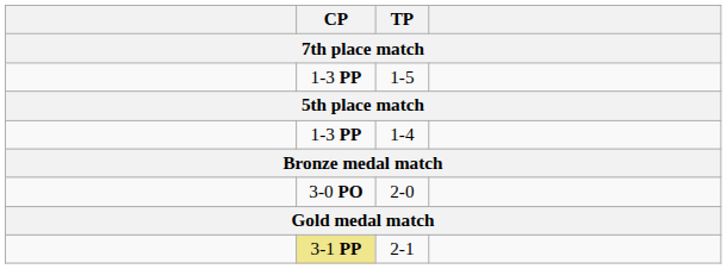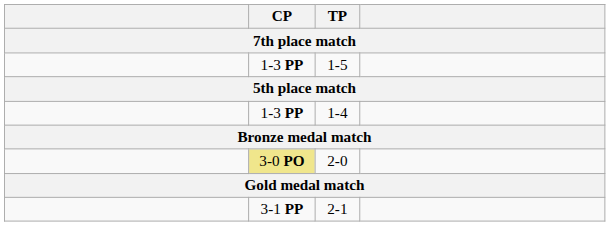 <table class="wikitable" style="text-align: center;" |>
 <tr>
 <th width="250"></th>
 <th width="62">CP</th>
 <th width="40">TP</th>
 <th width="250"></th>
 </tr>
 <tr>
 <th colspan="5">7th place match</th>
 </tr>
 <tr>
 <td style="text-align:left;"></td>
 <td>1-3 <strong>PP</strong></td>
 <td>1-5</td>
 <td style="text-align:left;"><strong></strong></td>
 </tr>
 <tr>
 <th colspan="5">5th place match</th>
 </tr>
 <tr>
 <td style="text-align:left;"></td>
 <td>1-3 <strong>PP</strong></td>
 <td>1-4</td>
 <td style="text-align:left;"><strong></strong></td>
 </tr>
 <tr>
 <th colspan="5">Bronze medal match</th>
 </tr>
 <tr>
 <td style="text-align:left;"><strong></strong></td>
-<td>3-0 <strong>PO</strong></td>
+<td style="background: khaki;">3-0 <strong>PO</strong></td>
 <td>2-0</td>
 <td style="text-align:left;"></td>
 </tr>
 <tr>
 <th colspan="5">Gold medal match</th>
 </tr>
 <tr>
 <td style="text-align:left;"><strong></strong></td>
-<td style="background: khaki;">3-1 <strong>PP</strong></td>
+<td>3-1 <strong>PP</strong></td>
 <td>2-1</td>
 <td style="text-align:left;"></td>
 </tr>
 </table>
